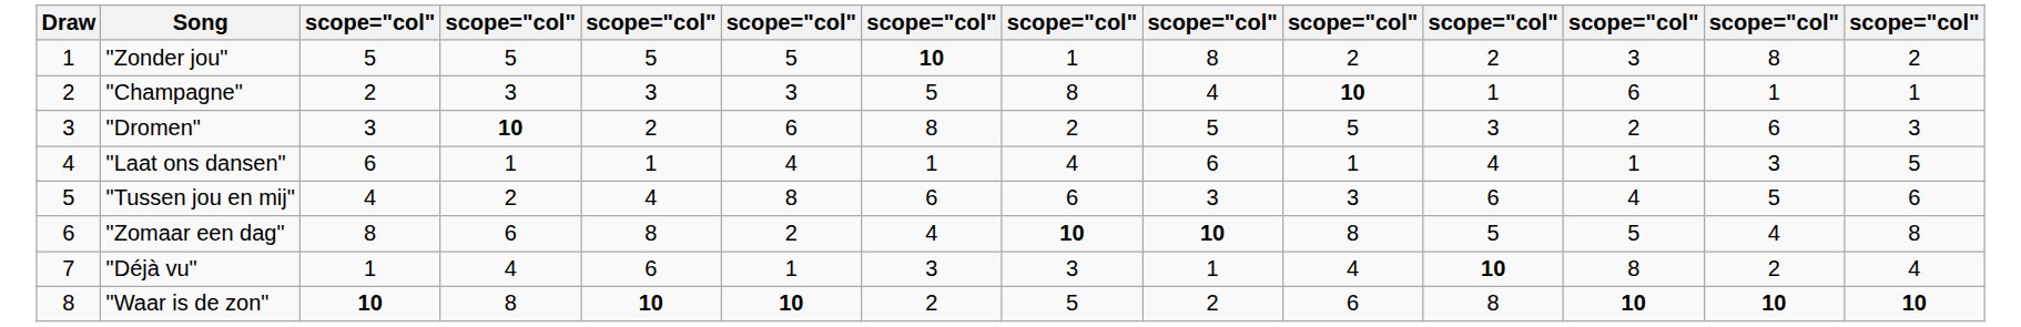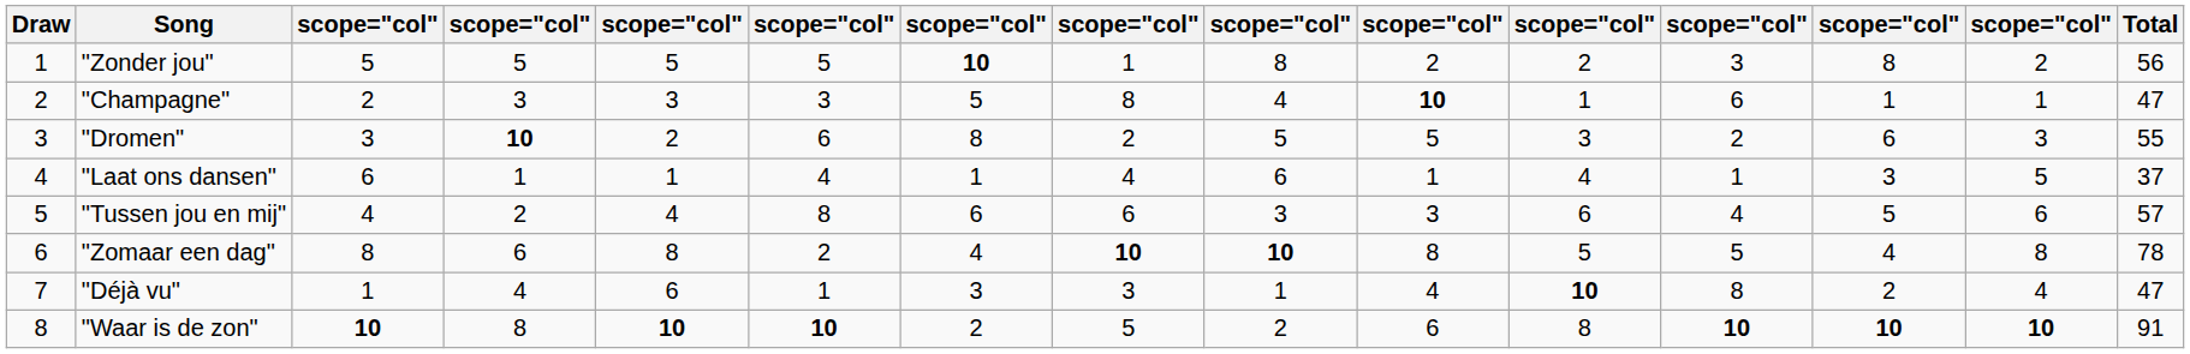 <table class="wikitable plainrowheaders" style="margin: 1em auto 1em auto; text-align:center;">
 <tr>
 <th scope="col">Draw</th>
 <th scope="col">Song</th>
 <th>scope="col" </th>
 <th>scope="col" </th>
 <th>scope="col" </th>
 <th>scope="col" </th>
 <th>scope="col" </th>
 <th>scope="col" </th>
 <th>scope="col" </th>
 <th>scope="col" </th>
 <th>scope="col" </th>
 <th>scope="col" </th>
 <th>scope="col" </th>
 <th>scope="col" </th>
+<th scope="col">Total</th>
 </tr>
 <tr --->
 <td>1</td>
 <td align="left">"Zonder jou"</td>
 <td>5</td>
 <td>5</td>
 <td>5</td>
 <td>5</td>
 <td><strong>10</strong></td>
 <td>1</td>
 <td>8</td>
 <td>2</td>
 <td>2</td>
 <td>3</td>
 <td>8</td>
 <td>2</td>
+<td>56</td>
 </tr>
 <tr --->
 <td>2</td>
 <td align="left">"Champagne"</td>
 <td>2</td>
 <td>3</td>
 <td>3</td>
 <td>3</td>
 <td>5</td>
 <td>8</td>
 <td>4</td>
 <td><strong>10</strong></td>
 <td>1</td>
 <td>6</td>
 <td>1</td>
 <td>1</td>
+<td>47</td>
 </tr>
 <tr --->
 <td>3</td>
 <td align="left">"Dromen"</td>
 <td>3</td>
 <td><strong>10</strong></td>
 <td>2</td>
 <td>6</td>
 <td>8</td>
 <td>2</td>
 <td>5</td>
 <td>5</td>
 <td>3</td>
 <td>2</td>
 <td>6</td>
 <td>3</td>
+<td>55</td>
 </tr>
 <tr --->
 <td>4</td>
 <td align="left">"Laat ons dansen"</td>
 <td>6</td>
 <td>1</td>
 <td>1</td>
 <td>4</td>
 <td>1</td>
 <td>4</td>
 <td>6</td>
 <td>1</td>
 <td>4</td>
 <td>1</td>
 <td>3</td>
 <td>5</td>
+<td>37</td>
 </tr>
 <tr --->
 <td>5</td>
 <td align="left">"Tussen jou en mij"</td>
 <td>4</td>
 <td>2</td>
 <td>4</td>
 <td>8</td>
 <td>6</td>
 <td>6</td>
 <td>3</td>
 <td>3</td>
 <td>6</td>
 <td>4</td>
 <td>5</td>
 <td>6</td>
+<td>57</td>
 </tr>
 <tr --->
 <td>6</td>
 <td align="left">"Zomaar een dag"</td>
 <td>8</td>
 <td>6</td>
 <td>8</td>
 <td>2</td>
 <td>4</td>
 <td><strong>10</strong></td>
 <td><strong>10</strong></td>
 <td>8</td>
 <td>5</td>
 <td>5</td>
 <td>4</td>
 <td>8</td>
+<td>78</td>
 </tr>
 <tr --->
 <td>7</td>
 <td align="left">"Déjà vu"</td>
 <td>1</td>
 <td>4</td>
 <td>6</td>
 <td>1</td>
 <td>3</td>
 <td>3</td>
 <td>1</td>
 <td>4</td>
 <td><strong>10</strong></td>
 <td>8</td>
 <td>2</td>
 <td>4</td>
+<td>47</td>
 </tr>
 <tr --->
 <td>8</td>
 <td align="left">"Waar is de zon"</td>
 <td><strong>10</strong></td>
 <td>8</td>
 <td><strong>10</strong></td>
 <td><strong>10</strong></td>
 <td>2</td>
 <td>5</td>
 <td>2</td>
 <td>6</td>
 <td>8</td>
 <td><strong>10</strong></td>
 <td><strong>10</strong></td>
 <td><strong>10</strong></td>
+<td>91</td>
 </tr>
 </table>
